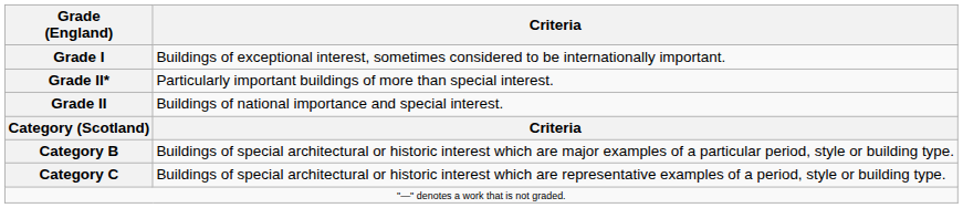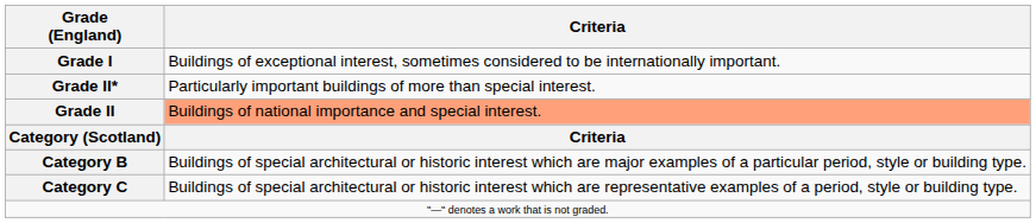 <table class="wikitable" border="1">
 <tr>
 <th>Grade<br>(England)</th>
 <th>Criteria</th>
 </tr>
 <tr>
 <th>Grade I</th>
 <td>Buildings of exceptional interest, sometimes considered to be internationally important.</td>
 </tr>
 <tr>
 <th>Grade II*</th>
 <td>Particularly important buildings of more than special interest.</td>
 </tr>
 <tr>
 <th>Grade II</th>
-<td>Buildings of national importance and special interest.</td>
+<td style="background: lightsalmon;">Buildings of national importance and special interest.</td>
 </tr>
 <tr>
 <th>Category (Scotland)</th>
 <th>Criteria</th>
 </tr>
 <tr>
 <th>Category B</th>
 <td>Buildings of special architectural or historic interest which are major examples of a particular period, style or building type.</td>
 </tr>
 <tr>
 <th>Category C</th>
 <td>Buildings of special architectural or historic interest which are representative examples of a period, style or building type.</td>
 </tr>
 <tr>
 <td align="center" colspan="14" style="font-size: 8pt">"—" denotes a work that is not graded.</td>
 </tr>
 </table>
